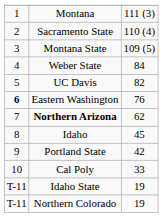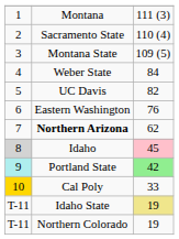 <table class="wikitable" style="display: inline-table;">
 <tr align="center">
 </tr>
 <tr align="center">
 <td>1</td>
 <td>Montana</td>
 <td>111 (3)</td>
 </tr>
 <tr align="center">
 <td>2</td>
 <td>Sacramento State</td>
 <td>110 (4)</td>
 </tr>
 <tr align="center">
 <td>3</td>
 <td>Montana State</td>
 <td>109 (5)</td>
 </tr>
 <tr align="center">
 <td>4</td>
 <td>Weber State</td>
 <td>84</td>
 </tr>
 <tr align="center">
 <td>5</td>
 <td>UC Davis</td>
 <td>82</td>
 </tr>
 <tr align="center">
-<td><strong>6</strong></td>
+<td>6</td>
 <td>Eastern Washington</td>
 <td>76</td>
 </tr>
 <tr align="center">
 <td>7</td>
 <td><strong>Northern Arizona</strong></td>
 <td>62</td>
 </tr>
 <tr align="center">
-<td>8</td>
+<td style="background: lightgrey;">8</td>
 <td>Idaho</td>
-<td>45</td>
+<td style="background: pink;">45</td>
 </tr>
 <tr align="center">
-<td>9</td>
+<td style="background: paleturquoise;">9</td>
 <td>Portland State</td>
-<td>42</td>
+<td style="background: lightgreen;">42</td>
 </tr>
 <tr align="center">
-<td>10</td>
+<td style="background: gold;">10</td>
 <td>Cal Poly</td>
 <td>33</td>
 </tr>
 <tr align="center">
 <td>T-11</td>
 <td>Idaho State</td>
-<td>19</td>
+<td style="background: khaki;">19</td>
 </tr>
 <tr align="center">
 <td>T-11</td>
 <td>Northern Colorado</td>
 <td>19</td>
 </tr>
 </table>
